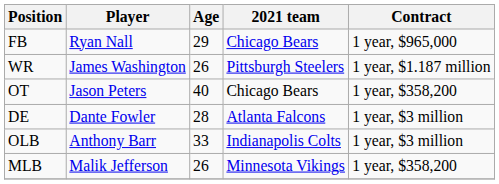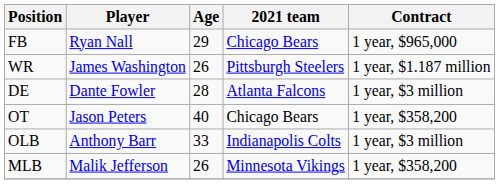 <table class="wikitable">
 <tr>
 <th>Position</th>
 <th>Player</th>
 <th>Age</th>
 <th>2021 team</th>
 <th>Contract</th>
 </tr>
 <tr>
 <td>FB</td>
 <td><a href='#'>Ryan Nall</a></td>
 <td>29</td>
 <td><a href='#'>Chicago Bears</a></td>
 <td>1 year, $965,000</td>
 </tr>
 <tr>
 <td>WR</td>
 <td><a href='#'>James Washington</a></td>
 <td>26</td>
 <td><a href='#'>Pittsburgh Steelers</a></td>
 <td>1 year, $1.187 million</td>
 </tr>
 <tr>
+<td>DE</td>
+<td><a href='#'>Dante Fowler</a></td>
+<td>28</td>
+<td><a href='#'>Atlanta Falcons</a></td>
+<td>1 year, $3 million</td>
+</tr>
+<tr>
 <td>OT</td>
 <td><a href='#'>Jason Peters</a></td>
 <td>40</td>
 <td>Chicago Bears</td>
 <td>1 year, $358,200</td>
-</tr>
-<tr>
-<td>DE</td>
-<td><a href='#'>Dante Fowler</a></td>
-<td>28</td>
-<td><a href='#'>Atlanta Falcons</a></td>
-<td>1 year, $3 million</td>
 </tr>
 <tr>
 <td>OLB</td>
 <td><a href='#'>Anthony Barr</a></td>
 <td>33</td>
 <td><a href='#'>Indianapolis Colts</a></td>
 <td>1 year, $3 million</td>
 </tr>
 <tr>
 <td>MLB</td>
 <td><a href='#'>Malik Jefferson</a></td>
 <td>26</td>
 <td><a href='#'>Minnesota Vikings</a></td>
 <td>1 year, $358,200</td>
 </tr>
 <tr>
 </tr>
 </table>
